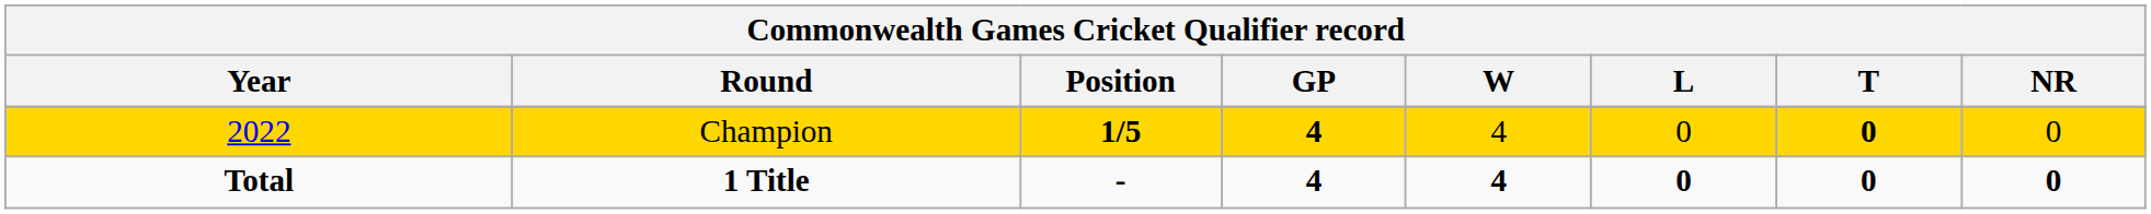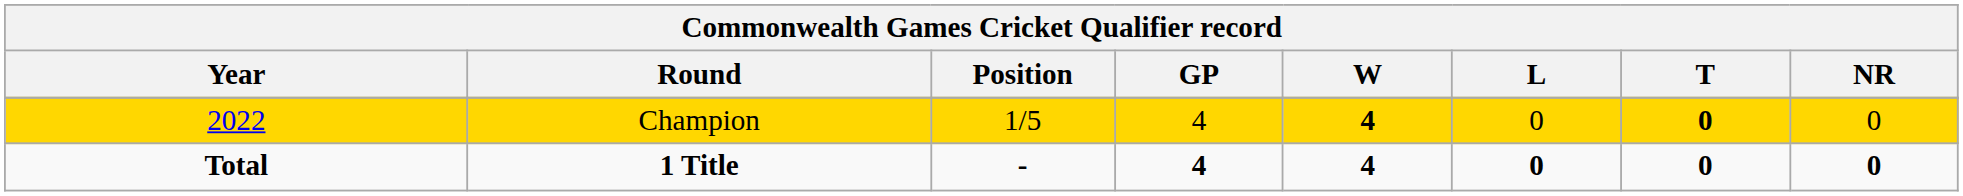 <table class="wikitable" style="text-align: center; width:85%">
 <tr>
 <th colspan=10>Commonwealth Games Cricket Qualifier record</th>
 </tr>
 <tr>
 <th width=150>Year</th>
 <th width=150>Round</th>
 <th width=50>Position</th>
 <th width=50>GP</th>
 <th width=50>W</th>
 <th width=50>L</th>
 <th width=50>T</th>
 <th width=50>NR</th>
 </tr>
 <tr>
 </tr>
 <tr bgcolor=gold>
 <td> <a href='#'>2022</a></td>
 <td>Champion</td>
-<td><strong>1/5</strong></td>
+<td>1/5</td>
+<td>4</td>
 <td><strong>4</strong></td>
-<td>4</td>
 <td>0</td>
 <td><strong>0</strong></td>
 <td>0</td>
 </tr>
 <tr>
 <td><strong>Total</strong></td>
 <td><strong>1 Title</strong></td>
 <td><strong>-</strong></td>
 <td><strong>4</strong></td>
 <td><strong>4</strong></td>
 <td><strong>0</strong></td>
 <td><strong>0</strong></td>
 <td><strong>0</strong></td>
 </tr>
 </table>
